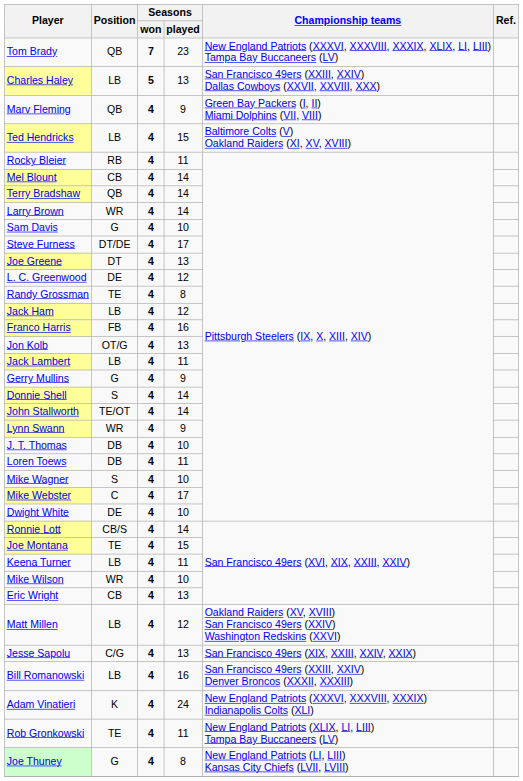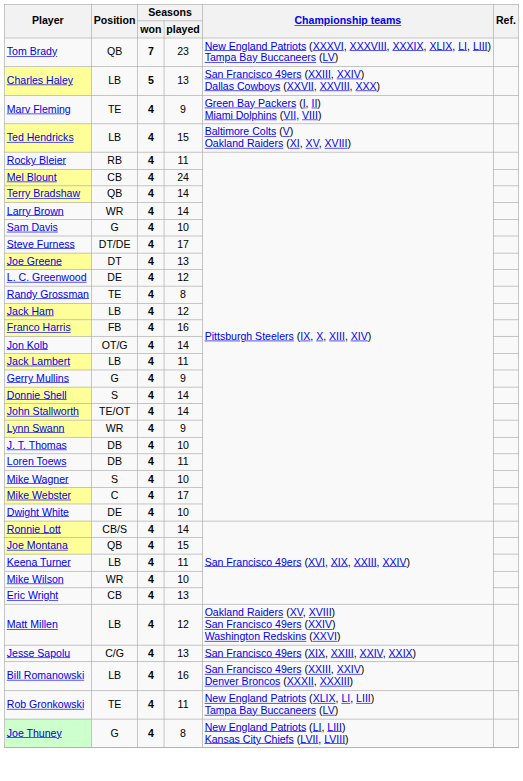 <table class="wikitable sortable" style="text-align:center">
 <tr>
 <th rowspan="2">Player</th>
 <th rowspan="2">Position</th>
 <th colspan="2">Seasons</th>
 <th rowspan="2"><a href='#'>Championship teams</a></th>
 <th rowspan="2">Ref.</th>
 </tr>
 <tr>
 <th scope="col" width="30px">won</th>
 <th scope="col" width="30px">played</th>
 </tr>
 <tr>
 <td align="left"><a href='#'>Tom Brady</a></td>
 <td>QB</td>
 <td><strong>7</strong></td>
 <td>23</td>
 <td align="left"><a href='#'>New England Patriots</a> (<a href='#'>XXXVI</a>, <a href='#'>XXXVIII</a>, <a href='#'>XXXIX</a>, <a href='#'>XLIX</a>, <a href='#'>LI</a>, <a href='#'>LIII</a>) <br><a href='#'>Tampa Bay Buccaneers</a> (<a href='#'>LV</a>)</td>
 <td></td>
 </tr>
 <tr>
 <td align="left" style="background-color:#FFFF99"><a href='#'>Charles Haley</a></td>
 <td>LB</td>
 <td><strong>5</strong></td>
 <td>13</td>
 <td align="left"><a href='#'>San Francisco 49ers</a> (<a href='#'>XXIII</a>, <a href='#'>XXIV</a>) <br><a href='#'>Dallas Cowboys</a> (<a href='#'>XXVII</a>, <a href='#'>XXVIII</a>, <a href='#'>XXX</a>)</td>
 <td></td>
 </tr>
 <tr>
 <td align="left"><a href='#'>Marv Fleming</a></td>
-<td>QB</td>
+<td>TE</td>
 <td><strong>4</strong></td>
 <td>9</td>
 <td align="left"><a href='#'>Green Bay Packers</a> (<a href='#'>I</a>, <a href='#'>II</a>)<br><a href='#'>Miami Dolphins</a> (<a href='#'>VII</a>, <a href='#'>VIII</a>)</td>
 <td></td>
 </tr>
 <tr>
 <td align="left" style="background-color:#FFFF99"><a href='#'>Ted Hendricks</a></td>
 <td>LB</td>
 <td><strong>4</strong></td>
 <td>15</td>
 <td align="left"><a href='#'>Baltimore Colts</a> (<a href='#'>V</a>)<br><a href='#'>Oakland Raiders</a> (<a href='#'>XI</a>, <a href='#'>XV</a>, <a href='#'>XVIII</a>)</td>
 <td></td>
 </tr>
 <tr>
 <td align="left"><a href='#'>Rocky Bleier</a></td>
 <td>RB</td>
 <td><strong>4</strong></td>
 <td>11</td>
 <td align="left" rowspan="22"><a href='#'>Pittsburgh Steelers</a> (<a href='#'>IX</a>, <a href='#'>X</a>, <a href='#'>XIII</a>, <a href='#'>XIV</a>)</td>
 <td></td>
 </tr>
 <tr>
 <td align="left" style="background-color:#FFFF99"><a href='#'>Mel Blount</a></td>
 <td>CB</td>
 <td><strong>4</strong></td>
-<td>14</td>
+<td>24</td>
 <td></td>
 </tr>
 <tr>
 <td align="left" style="background-color:#FFFF99"><a href='#'>Terry Bradshaw</a></td>
 <td>QB</td>
 <td><strong>4</strong></td>
 <td>14</td>
 <td></td>
 </tr>
 <tr>
 <td align="left"><a href='#'>Larry Brown</a></td>
 <td>WR</td>
 <td><strong>4</strong></td>
 <td>14</td>
 <td></td>
 </tr>
 <tr>
 <td align="left"><a href='#'>Sam Davis</a></td>
 <td>G</td>
 <td><strong>4</strong></td>
 <td>10</td>
 <td></td>
 </tr>
 <tr>
 <td align="left"><a href='#'>Steve Furness</a></td>
 <td>DT/DE</td>
 <td><strong>4</strong></td>
 <td>17</td>
 <td></td>
 </tr>
 <tr>
 <td align="left" style="background-color:#FFFF99"><a href='#'>Joe Greene</a></td>
 <td>DT</td>
 <td><strong>4</strong></td>
 <td>13</td>
 <td></td>
 </tr>
 <tr>
 <td align="left"><a href='#'>L. C. Greenwood</a></td>
 <td>DE</td>
 <td><strong>4</strong></td>
 <td>12</td>
 <td></td>
 </tr>
 <tr>
 <td align="left"><a href='#'>Randy Grossman</a></td>
 <td>TE</td>
 <td><strong>4</strong></td>
 <td>8</td>
 <td></td>
 </tr>
 <tr>
 <td align="left" style="background-color:#FFFF99"><a href='#'>Jack Ham</a></td>
 <td>LB</td>
 <td><strong>4</strong></td>
 <td>12</td>
 <td></td>
 </tr>
 <tr>
 <td align="left" style="background-color:#FFFF99"><a href='#'>Franco Harris</a></td>
 <td>FB</td>
 <td><strong>4</strong></td>
 <td>16</td>
 <td></td>
 </tr>
 <tr>
 <td align="left"><a href='#'>Jon Kolb</a></td>
 <td>OT/G</td>
 <td><strong>4</strong></td>
-<td>13</td>
+<td>14</td>
 <td></td>
 </tr>
 <tr>
 <td align="left" style="background-color:#FFFF99"><a href='#'>Jack Lambert</a></td>
 <td>LB</td>
 <td><strong>4</strong></td>
 <td>11</td>
 <td></td>
 </tr>
 <tr>
 <td align="left"><a href='#'>Gerry Mullins</a></td>
 <td>G</td>
 <td><strong>4</strong></td>
 <td>9</td>
 <td></td>
 </tr>
 <tr>
 <td align="left" style="background-color:#FFFF99"><a href='#'>Donnie Shell</a></td>
 <td>S</td>
 <td><strong>4</strong></td>
 <td>14</td>
 <td></td>
 </tr>
 <tr>
 <td align="left" style="background-color:#FFFF99"><a href='#'>John Stallworth</a></td>
 <td>TE/OT</td>
 <td><strong>4</strong></td>
 <td>14</td>
 <td></td>
 </tr>
 <tr>
 <td align="left" style="background-color:#FFFF99"><a href='#'>Lynn Swann</a></td>
 <td>WR</td>
 <td><strong>4</strong></td>
 <td>9</td>
 <td></td>
 </tr>
 <tr>
 <td align="left"><a href='#'>J. T. Thomas</a></td>
 <td>DB</td>
 <td><strong>4</strong></td>
 <td>10</td>
 <td></td>
 </tr>
 <tr>
 <td align="left"><a href='#'>Loren Toews</a></td>
 <td>DB</td>
 <td><strong>4</strong></td>
 <td>11</td>
 <td></td>
 </tr>
 <tr>
 <td align="left"><a href='#'>Mike Wagner</a></td>
 <td>S</td>
 <td><strong>4</strong></td>
 <td>10</td>
 <td></td>
 </tr>
 <tr>
 <td align="left" style="background-color:#FFFF99"><a href='#'>Mike Webster</a></td>
 <td>C</td>
 <td><strong>4</strong></td>
 <td>17</td>
 <td></td>
 </tr>
 <tr>
 <td align="left"><a href='#'>Dwight White</a></td>
 <td>DE</td>
 <td><strong>4</strong></td>
 <td>10</td>
 <td></td>
 </tr>
 <tr>
 <td align="left" style="background-color:#FFFF99"><a href='#'>Ronnie Lott</a></td>
 <td>CB/S</td>
 <td><strong>4</strong></td>
 <td>14</td>
 <td rowspan="5" align="left"><a href='#'>San Francisco 49ers</a> (<a href='#'>XVI</a>, <a href='#'>XIX</a>, <a href='#'>XXIII</a>, <a href='#'>XXIV</a>)</td>
 <td></td>
 </tr>
 <tr>
 <td align="left" style="background-color:#FFFF99"><a href='#'>Joe Montana</a></td>
-<td>TE</td>
+<td>QB</td>
 <td><strong>4</strong></td>
 <td>15</td>
 <td></td>
 </tr>
 <tr>
 <td align="left"><a href='#'>Keena Turner</a></td>
 <td>LB</td>
 <td><strong>4</strong></td>
 <td>11</td>
 <td></td>
 </tr>
 <tr>
 <td align="left"><a href='#'>Mike Wilson</a></td>
 <td>WR</td>
 <td><strong>4</strong></td>
 <td>10</td>
 <td></td>
 </tr>
 <tr>
 <td align="left"><a href='#'>Eric Wright</a></td>
 <td>CB</td>
 <td><strong>4</strong></td>
 <td>13</td>
 <td></td>
 </tr>
 <tr>
 <td align="left"><a href='#'>Matt Millen</a></td>
 <td>LB</td>
 <td><strong>4</strong></td>
 <td>12</td>
 <td align="left"><a href='#'>Oakland Raiders</a> (<a href='#'>XV</a>, <a href='#'>XVIII</a>)<br><a href='#'>San Francisco 49ers</a> (<a href='#'>XXIV</a>)<br><a href='#'>Washington Redskins</a> (<a href='#'>XXVI</a>)</td>
 <td></td>
 </tr>
 <tr>
 <td align="left"><a href='#'>Jesse Sapolu</a></td>
 <td>C/G</td>
 <td><strong>4</strong></td>
 <td>13</td>
 <td align="left"><a href='#'>San Francisco 49ers</a> (<a href='#'>XIX</a>, <a href='#'>XXIII</a>, <a href='#'>XXIV</a>, <a href='#'>XXIX</a>)</td>
 <td></td>
 </tr>
 <tr>
 <td align="left"><a href='#'>Bill Romanowski</a></td>
 <td>LB</td>
 <td><strong>4</strong></td>
 <td>16</td>
 <td align="left"><a href='#'>San Francisco 49ers</a> (<a href='#'>XXIII</a>, <a href='#'>XXIV</a>)<br><a href='#'>Denver Broncos</a> (<a href='#'>XXXII</a>, <a href='#'>XXXIII</a>)</td>
 <td></td>
 </tr>
 <tr>
-<td align="left"><a href='#'>Adam Vinatieri</a></td>
-<td>K</td>
-<td><strong>4</strong></td>
-<td>24</td>
-<td align="left"><a href='#'>New England Patriots</a> (<a href='#'>XXXVI</a>, <a href='#'>XXXVIII</a>, <a href='#'>XXXIX</a>)<br><a href='#'>Indianapolis Colts</a> (<a href='#'>XLI</a>)</td>
-<td></td>
-</tr>
-<tr>
 <td align="left"><a href='#'>Rob Gronkowski</a></td>
 <td>TE</td>
 <td><strong>4</strong></td>
 <td>11</td>
 <td align="left"><a href='#'>New England Patriots</a> (<a href='#'>XLIX</a>, <a href='#'>LI</a>, <a href='#'>LIII</a>)<br><a href='#'>Tampa Bay Buccaneers</a> (<a href='#'>LV</a>)</td>
 <td></td>
 </tr>
 <tr>
 <td align="left" style="background-color:#CCFFCC"><a href='#'>Joe Thuney</a></td>
 <td>G</td>
 <td><strong>4</strong></td>
 <td>8</td>
 <td align="left"><a href='#'>New England Patriots</a> (<a href='#'>LI</a>, <a href='#'>LIII</a>)<br><a href='#'>Kansas City Chiefs</a> (<a href='#'>LVII</a>, <a href='#'>LVIII</a>)</td>
 <td></td>
 </tr>
 <tr>
 </tr>
 </table>
